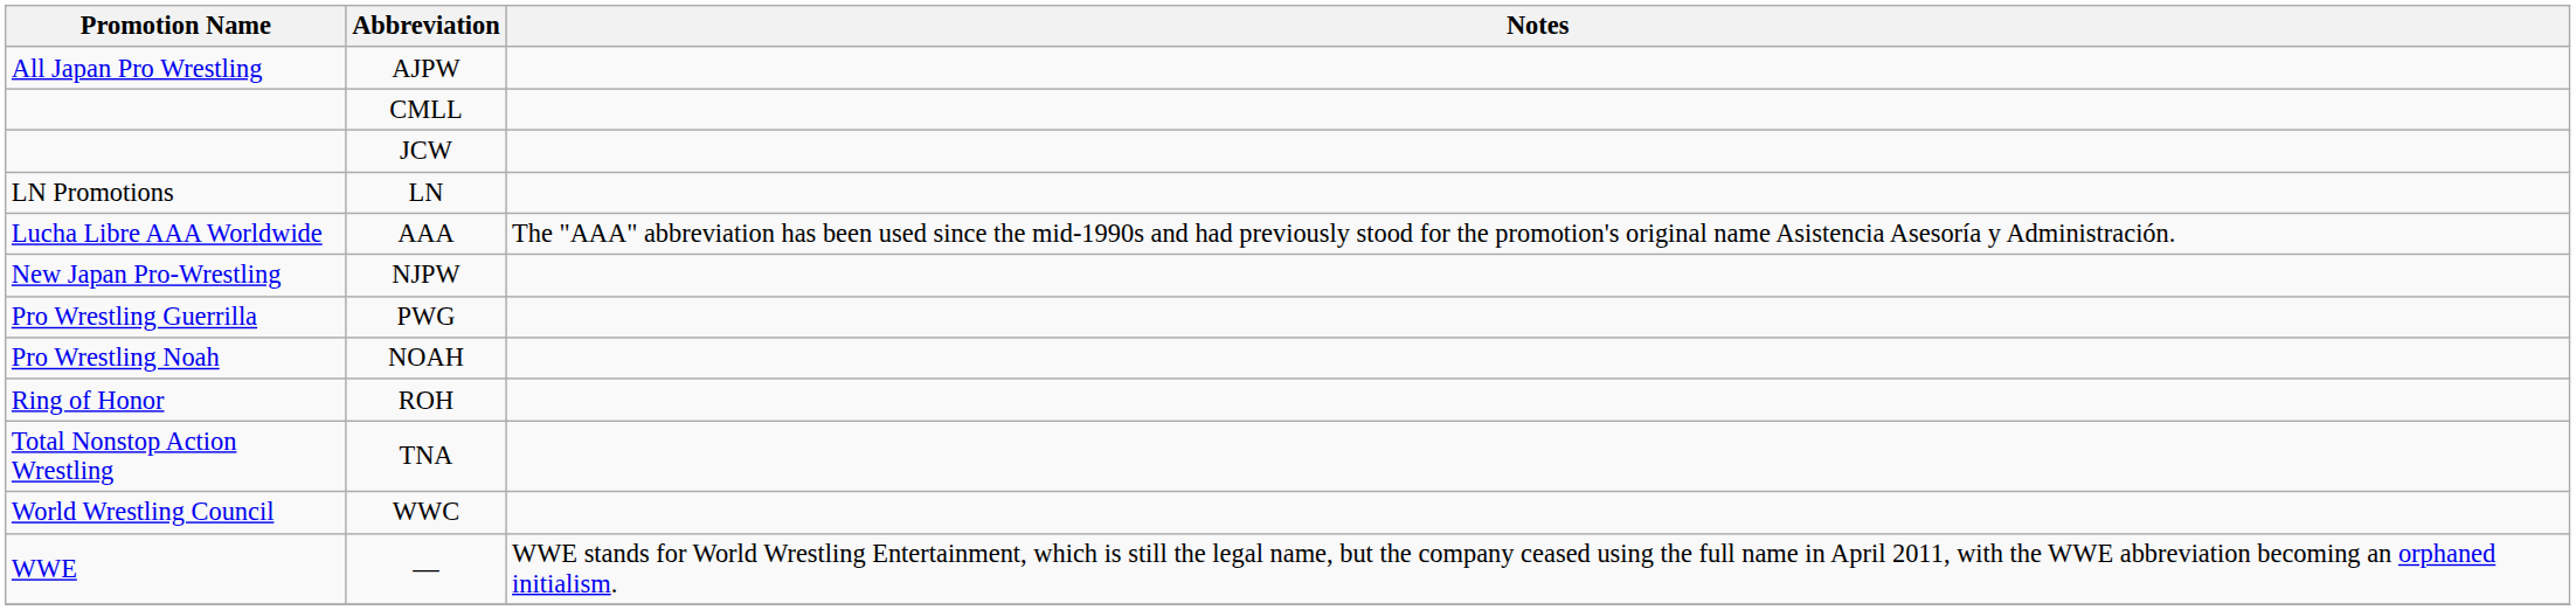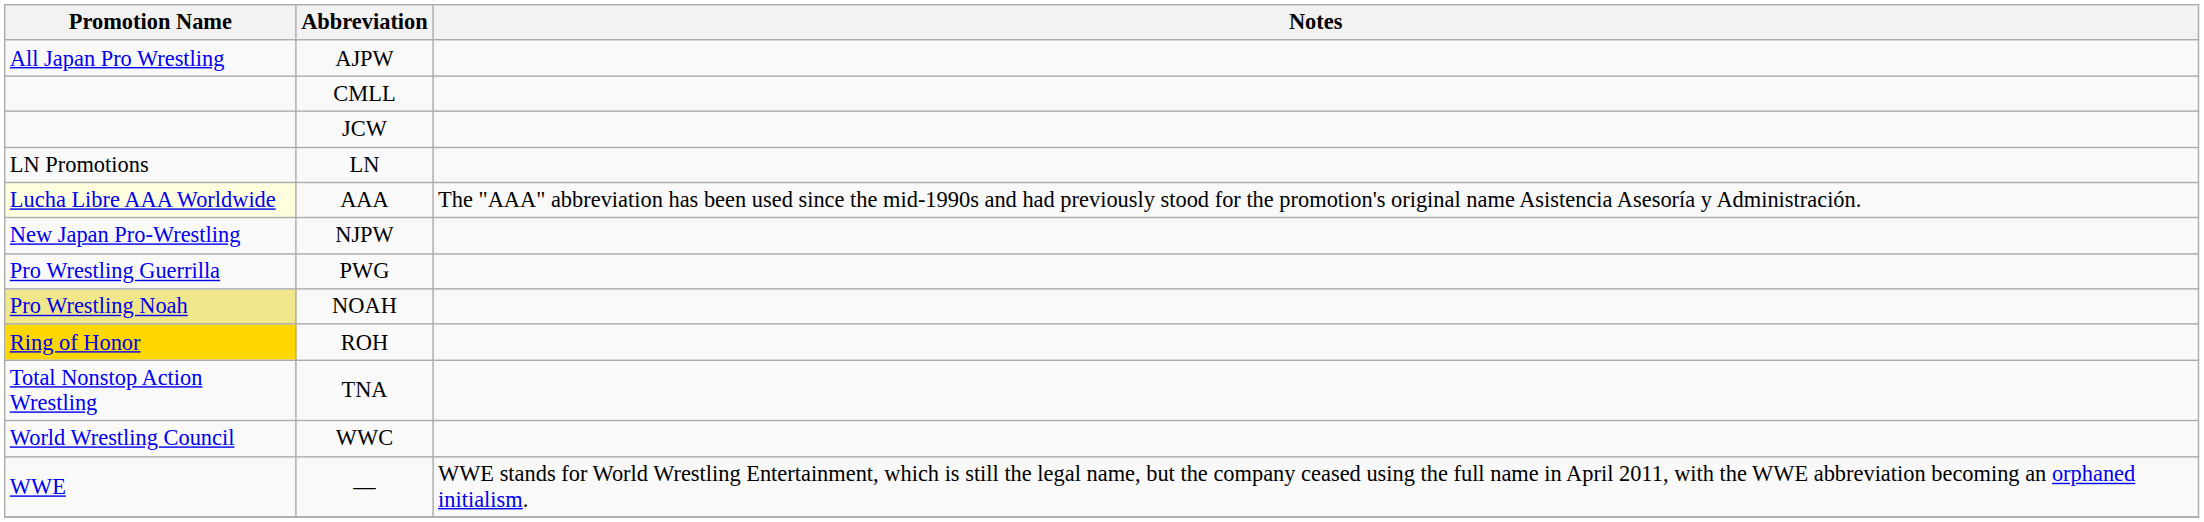 <table class="wikitable">
 <tr>
 <th>Promotion Name</th>
 <th>Abbreviation</th>
 <th>Notes</th>
 </tr>
 <tr>
 <td><a href='#'>All Japan Pro Wrestling</a></td>
 <td align=center>AJPW</td>
 <td></td>
 </tr>
 <tr>
 <td></td>
 <td align=center>CMLL</td>
 <td></td>
 </tr>
 <tr>
 <td></td>
 <td align=center>JCW</td>
 <td></td>
 </tr>
 <tr>
 <td>LN Promotions</td>
 <td align=center>LN</td>
 <td></td>
 </tr>
 <tr>
-<td><a href='#'>Lucha Libre AAA Worldwide</a></td>
+<td style="background: lightyellow;"><a href='#'>Lucha Libre AAA Worldwide</a></td>
 <td align=center>AAA</td>
 <td>The "AAA" abbreviation has been used since the mid-1990s and had previously stood for the promotion's original name Asistencia Asesoría y Administración.</td>
 </tr>
 <tr>
 <td><a href='#'>New Japan Pro-Wrestling</a></td>
 <td align=center>NJPW</td>
 <td></td>
 </tr>
 <tr>
 <td><a href='#'>Pro Wrestling Guerrilla</a></td>
 <td align=center>PWG</td>
 <td></td>
 </tr>
 <tr>
-<td><a href='#'>Pro Wrestling Noah</a></td>
+<td style="background: khaki;"><a href='#'>Pro Wrestling Noah</a></td>
 <td align=center>NOAH</td>
 <td></td>
 </tr>
 <tr>
-<td><a href='#'>Ring of Honor</a></td>
+<td style="background: gold;"><a href='#'>Ring of Honor</a></td>
 <td align=center>ROH</td>
 <td></td>
 </tr>
 <tr>
 <td><a href='#'>Total Nonstop Action Wrestling</a></td>
 <td align=center>TNA</td>
 <td></td>
 </tr>
 <tr>
 <td><a href='#'>World Wrestling Council</a></td>
 <td align=center>WWC</td>
 <td></td>
 </tr>
 <tr>
 <td><a href='#'>WWE</a></td>
 <td align=center>—</td>
 <td>WWE stands for World Wrestling Entertainment, which is still the legal name, but the company ceased using the full name in April 2011, with the WWE abbreviation becoming an <a href='#'>orphaned initialism</a>.<br></td>
 </tr>
 <tr>
 </tr>
 </table>
